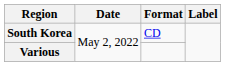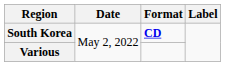 <table class="wikitable plainrowheaders">
 <tr>
 <th scope="col">Region</th>
 <th scope="col">Date</th>
 <th scope="col">Format</th>
 <th scope="col">Label</th>
 </tr>
 <tr>
 <th scope="row">South Korea</th>
 <td rowspan="2">May 2, 2022</td>
-<td><a href='#'>CD</a></td>
+<td><strong><a href='#'>CD</a></strong></td>
 <td rowspan="2"></td>
 </tr>
 <tr>
 <th scope="row">Various </th>
 <td></td>
 </tr>
 </table>
